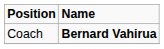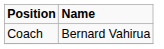 <table class="wikitable">
 <tr>
 <td><strong>Position</strong></td>
 <td><strong>Name</strong></td>
 </tr>
 <tr>
 <td>Coach</td>
-<td><strong> Bernard Vahirua</strong></td>
+<td> Bernard Vahirua</td>
 </tr>
 <tr>
 </tr>
 </table>
